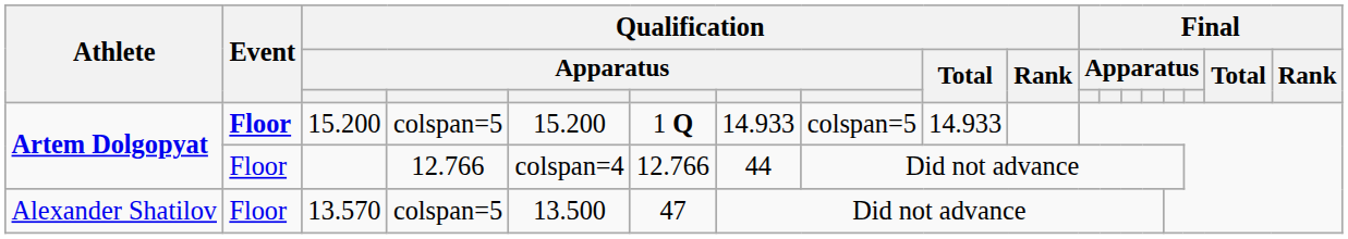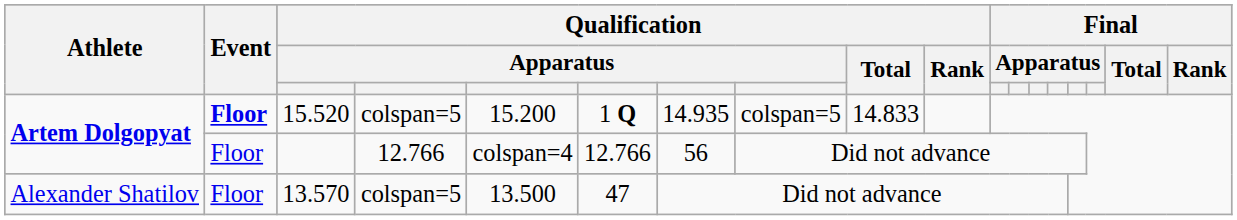 <table class="wikitable" style="font-size:90%">
 <tr>
 <th rowspan=3>Athlete</th>
 <th rowspan=3>Event</th>
 <th colspan =8>Qualification</th>
 <th colspan =8>Final</th>
 </tr>
 <tr style="font-size:95%">
 <th colspan=6>Apparatus</th>
 <th rowspan=2>Total</th>
 <th rowspan=2>Rank</th>
 <th colspan=6>Apparatus</th>
 <th rowspan=2>Total</th>
 <th rowspan=2>Rank</th>
 </tr>
 <tr style="font-size:95%">
 <th></th>
 <th></th>
 <th></th>
 <th></th>
 <th></th>
 <th></th>
 <th></th>
 <th></th>
 <th></th>
 <th></th>
 <th></th>
 <th></th>
 </tr>
 <tr align=center>
 <td align=left rowspan=2><strong><a href='#'>Artem Dolgopyat</a></strong></td>
 <td align=left><strong><a href='#'>Floor</a></strong></td>
-<td>15.200</td>
+<td>15.520</td>
 <td>colspan=5 </td>
 <td>15.200</td>
 <td>1 <strong>Q</strong></td>
-<td>14.933</td>
+<td>14.935</td>
 <td>colspan=5 </td>
-<td>14.933</td>
+<td>14.833</td>
 <td></td>
 </tr>
 <tr align=center>
 <td align=left><a href='#'>Floor</a></td>
 <td></td>
 <td>12.766</td>
 <td>colspan=4 </td>
 <td>12.766</td>
-<td>44</td>
+<td>56</td>
 <td colspan=8>Did not advance</td>
 </tr>
 <tr align=center>
 <td align=left><a href='#'>Alexander Shatilov</a></td>
 <td align=left><a href='#'>Floor</a></td>
 <td>13.570</td>
 <td>colspan=5 </td>
 <td>13.500</td>
 <td>47</td>
 <td colspan=8>Did not advance</td>
 </tr>
 </table>
